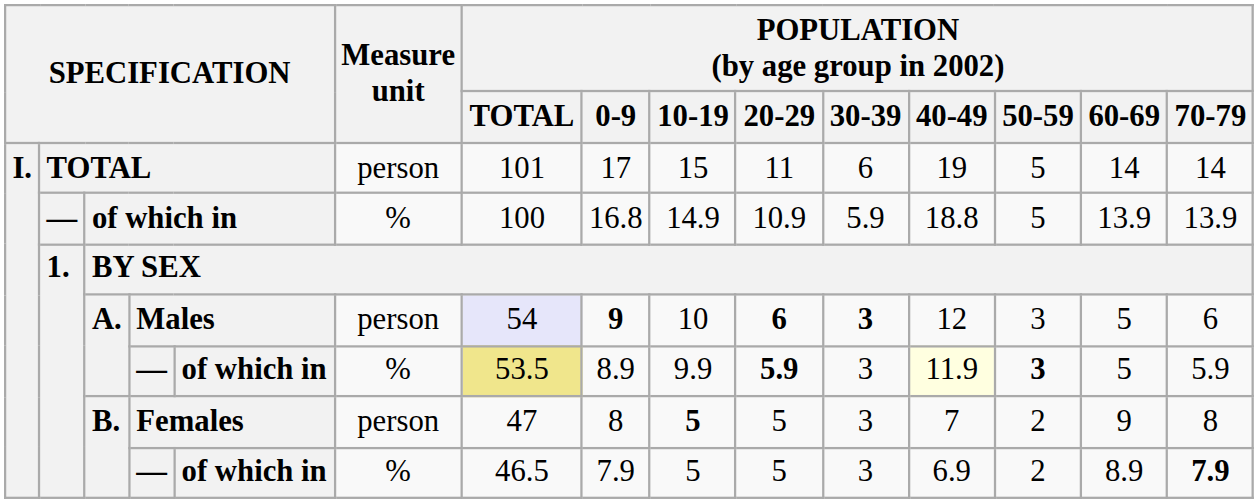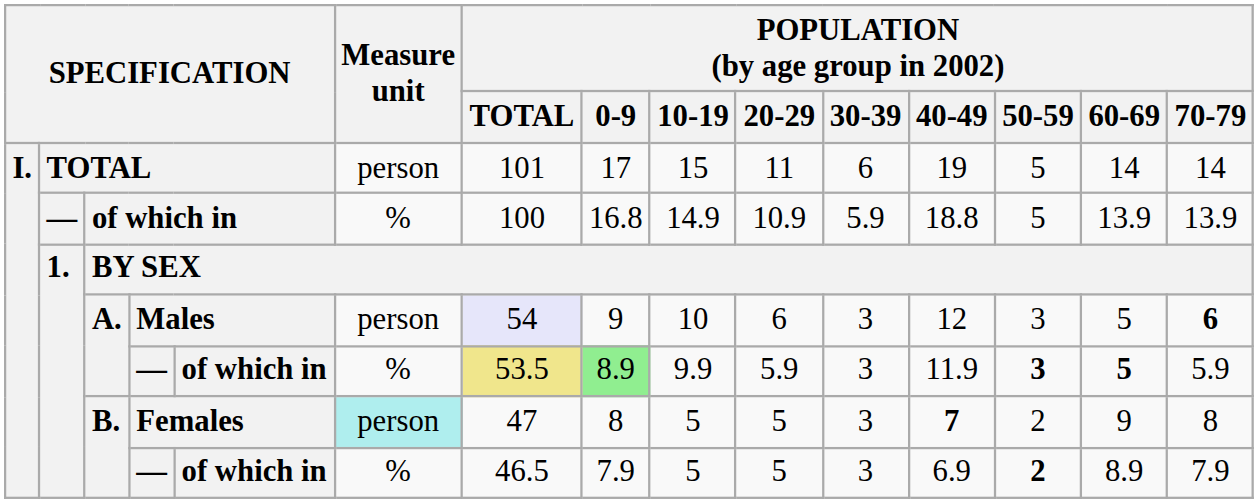 <table class="wikitable" style="font-size:85%; text-align:center">
 <tr>
 <th rowspan="2" colspan="5">SPECIFICATION</th>
 <th rowspan="2">Measure<br> unit</th>
 <th colspan="9" rowspan="1">POPULATION<br> (by age group in 2002)</th>
 </tr>
 <tr>
 <th>TOTAL</th>
 <th>0-9</th>
 <th>10-19</th>
 <th>20-29</th>
 <th>30-39</th>
 <th>40-49</th>
 <th>50-59</th>
 <th>60-69</th>
 <th>70-79</th>
 </tr>
 <tr>
 <th style="text-align:left" valign="top" rowspan="7">I.</th>
 <th style="text-align:left" colspan="4">TOTAL</th>
 <td>person</td>
 <td>101</td>
 <td>17</td>
 <td>15</td>
 <td>11</td>
 <td>6</td>
 <td>19</td>
 <td>5</td>
 <td>14</td>
 <td>14</td>
 </tr>
 <tr>
 <th style="text-align:left" valign="top">—</th>
 <th style="text-align:left" colspan="3">of which in</th>
 <td>%</td>
 <td>100</td>
 <td>16.8</td>
 <td>14.9</td>
 <td>10.9</td>
 <td>5.9</td>
 <td>18.8</td>
 <td>5</td>
 <td>13.9</td>
 <td>13.9</td>
 </tr>
 <tr>
 <th style="text-align:left" valign="top" rowspan="5">1.</th>
 <th style="text-align:left" colspan="13">BY SEX</th>
 </tr>
 <tr>
 <th style="text-align:left" valign="top" rowspan="2">A.</th>
 <th style="text-align:left" colspan="2">Males</th>
 <td>person</td>
 <td style="background: lavender;">54</td>
-<td><strong>9</strong></td>
+<td>9</td>
 <td>10</td>
-<td><strong>6</strong></td>
-<td><strong>3</strong></td>
+<td>6</td>
+<td>3</td>
 <td>12</td>
 <td>3</td>
 <td>5</td>
-<td>6</td>
+<td><strong>6</strong></td>
 </tr>
 <tr>
 <th style="text-align:left" valign="top">—</th>
 <th style="text-align:left" colspan="1">of which in</th>
 <td>%</td>
 <td style="background: khaki;">53.5</td>
-<td>8.9</td>
+<td style="background: lightgreen;">8.9</td>
 <td>9.9</td>
-<td><strong>5.9</strong></td>
+<td>5.9</td>
 <td>3</td>
-<td style="background: lightyellow;">11.9</td>
+<td>11.9</td>
 <td><strong>3</strong></td>
-<td>5</td>
+<td><strong>5</strong></td>
 <td>5.9</td>
 </tr>
 <tr>
 <th style="text-align:left" valign="top" rowspan="2">B.</th>
 <th style="text-align:left" colspan="2">Females</th>
-<td>person</td>
+<td style="background: paleturquoise;">person</td>
 <td>47</td>
 <td>8</td>
-<td><strong>5</strong></td>
+<td>5</td>
 <td>5</td>
 <td>3</td>
-<td>7</td>
+<td><strong>7</strong></td>
 <td>2</td>
 <td>9</td>
 <td>8</td>
 </tr>
 <tr>
 <th style="text-align:left" valign="top">—</th>
 <th style="text-align:left" colspan="1">of which in</th>
 <td>%</td>
 <td>46.5</td>
 <td>7.9</td>
 <td>5</td>
 <td>5</td>
 <td>3</td>
 <td>6.9</td>
-<td>2</td>
+<td><strong>2</strong></td>
 <td>8.9</td>
-<td><strong>7.9</strong></td>
+<td>7.9</td>
 </tr>
 </table>
